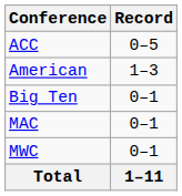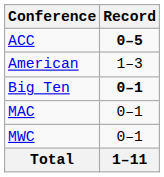 <table class="wikitable">
 <tr>
 <th>Conference</th>
 <th>Record</th>
 </tr>
 <tr>
 <td><a href='#'>ACC</a></td>
-<td align=center>0–5</td>
+<td align=center><strong>0–5</strong></td>
 </tr>
 <tr>
 <td><a href='#'>American</a></td>
 <td align=center>1–3</td>
 </tr>
 <tr>
 <td><a href='#'>Big Ten</a></td>
-<td align=center>0–1</td>
+<td align=center><strong>0–1</strong></td>
 </tr>
 <tr>
 <td><a href='#'>MAC</a></td>
 <td align=center>0–1</td>
 </tr>
 <tr>
 <td><a href='#'>MWC</a></td>
 <td align=center>0–1</td>
 </tr>
 <tr>
 <th>Total</th>
 <th>1–11</th>
 </tr>
 </table>
